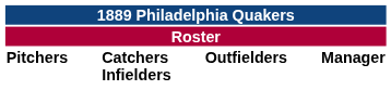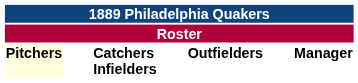 <table class="toccolours" style="font-size: 95%;">
 <tr>
 <th colspan="10" style="background-color: #0f437c; color: white; text-align: center;">1889 Philadelphia Quakers</th>
 </tr>
 <tr>
 <td colspan="10" style="background-color: #af0039; color: white; text-align: center;"><strong>Roster</strong></td>
 </tr>
 <tr>
-<td valign="top"><strong>Pitchers</strong><br>      </td>
+<td valign="top" style="background: lightyellow;"><strong>Pitchers</strong><br>      </td>
 <td width="25px"></td>
 <td valign="top"><strong>Catchers</strong><br>  <strong>Infielders</strong>       </td>
 <td width="25px"></td>
 <td valign="top"><strong>Outfielders</strong><br>    </td>
 <td width="25px"></td>
 <td valign="top"><strong>Manager</strong><br></td>
 </tr>
 </table>
